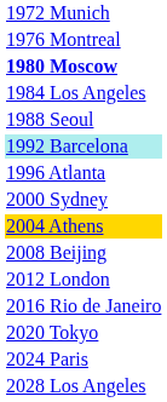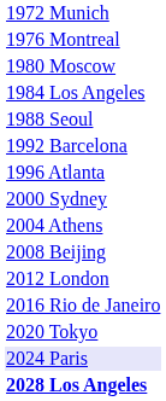 <table>
 <tr>
 <td><a href='#'>1972 Munich</a><br></td>
 <td></td>
 <td></td>
 <td></td>
 </tr>
 <tr>
 <td><a href='#'>1976 Montreal</a><br></td>
 <td></td>
 <td></td>
 <td></td>
 </tr>
 <tr>
-<td><strong><a href='#'>1980 Moscow</a><br></strong></td>
+<td><a href='#'>1980 Moscow</a><br></td>
 <td></td>
 <td></td>
 <td></td>
 </tr>
 <tr>
 <td><a href='#'>1984 Los Angeles</a><br></td>
 <td></td>
 <td></td>
 <td></td>
 </tr>
 <tr>
 <td><a href='#'>1988 Seoul</a><br></td>
 <td></td>
 <td></td>
 <td></td>
 </tr>
 <tr>
-<td style="background: paleturquoise;"><a href='#'>1992 Barcelona</a><br></td>
+<td><a href='#'>1992 Barcelona</a><br></td>
 <td></td>
 <td></td>
 <td></td>
 </tr>
 <tr>
 <td><a href='#'>1996 Atlanta</a><br></td>
 <td></td>
 <td></td>
 <td></td>
 </tr>
 <tr>
 <td><a href='#'>2000 Sydney</a><br></td>
 <td></td>
 <td></td>
 <td></td>
 </tr>
 <tr>
-<td style="background: gold;"><a href='#'>2004 Athens</a><br></td>
+<td><a href='#'>2004 Athens</a><br></td>
 <td></td>
 <td></td>
 <td></td>
 </tr>
 <tr>
 <td><a href='#'>2008 Beijing</a><br></td>
 <td></td>
 <td></td>
 <td></td>
 </tr>
 <tr>
 <td><a href='#'>2012 London</a><br></td>
 <td></td>
 <td></td>
 <td></td>
 </tr>
 <tr>
 <td><a href='#'>2016 Rio de Janeiro</a><br></td>
 <td></td>
 <td></td>
 <td></td>
 </tr>
 <tr>
 <td><a href='#'>2020 Tokyo</a><br></td>
 <td></td>
 <td></td>
 <td></td>
 </tr>
 <tr>
-<td><a href='#'>2024 Paris</a><br></td>
+<td style="background: lavender;"><a href='#'>2024 Paris</a><br></td>
 <td></td>
 <td></td>
 <td></td>
 </tr>
 <tr>
-<td><a href='#'>2028 Los Angeles</a> <br></td>
+<td><strong><a href='#'>2028 Los Angeles</a> <br></strong></td>
 <td></td>
 <td></td>
 <td></td>
 </tr>
 <tr>
 </tr>
 </table>
